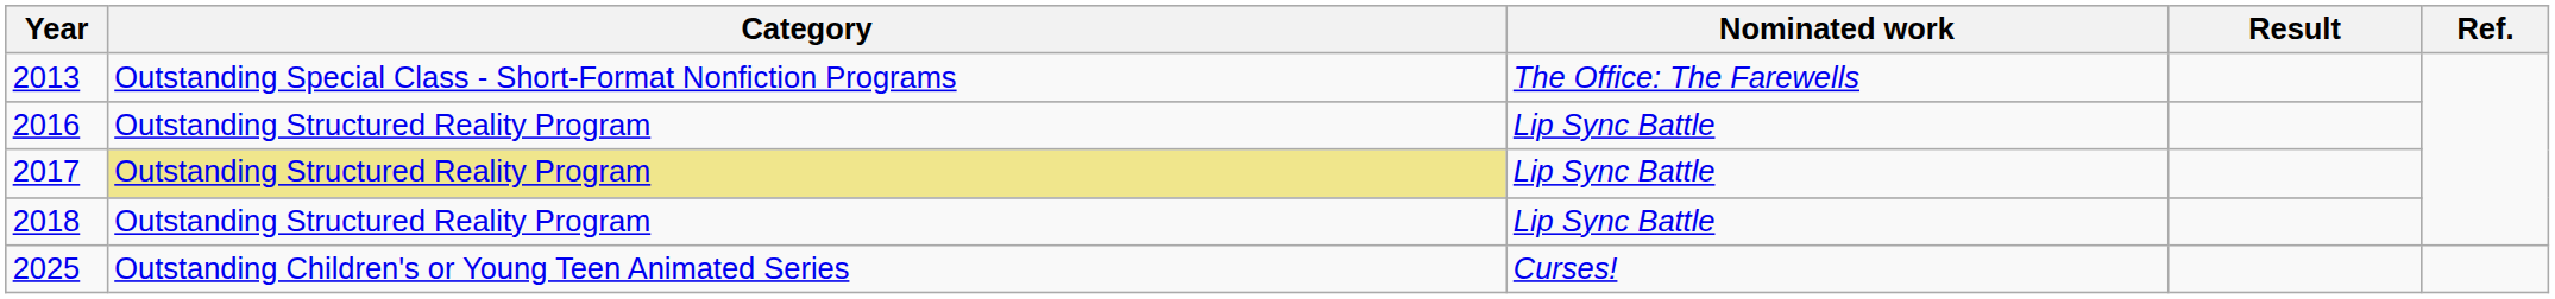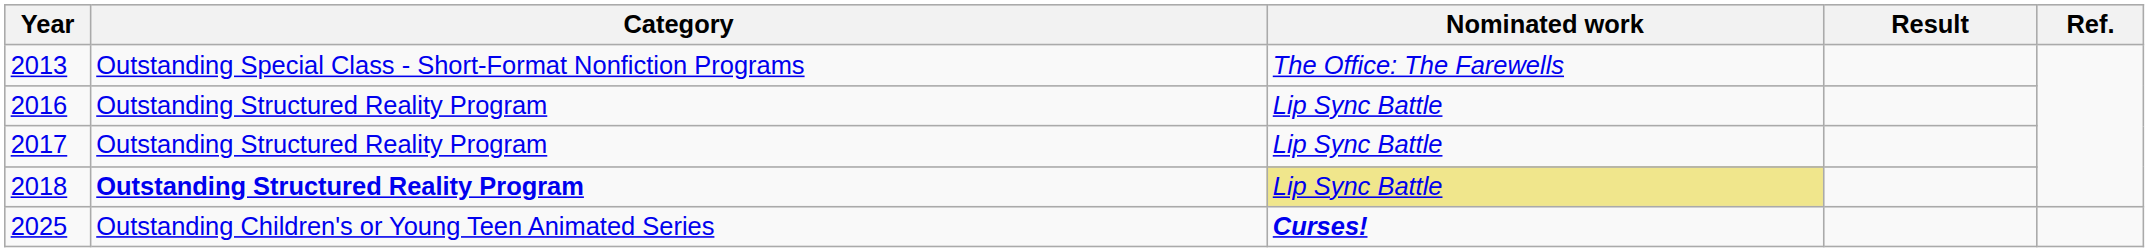 <table class="wikitable" style="width:85%;">
 <tr>
 <th ! style="width:4%;">Year</th>
 <th style="width:55%;">Category</th>
 <th style="width:26%;">Nominated work</th>
 <th style="width:10%;">Result</th>
 <th width=5%>Ref.</th>
 </tr>
 <tr>
 <td><a href='#'>2013</a></td>
 <td><a href='#'>Outstanding Special Class - Short-Format Nonfiction Programs</a></td>
 <td><em><a href='#'>The Office: The Farewells</a></em></td>
 <td></td>
 <td rowspan=4 align="center"></td>
 </tr>
 <tr>
 <td><a href='#'>2016</a></td>
 <td><a href='#'>Outstanding Structured Reality Program</a></td>
 <td><em><a href='#'>Lip Sync Battle</a></em></td>
 <td></td>
 </tr>
 <tr>
 <td><a href='#'>2017</a></td>
-<td style="background: khaki;"><a href='#'>Outstanding Structured Reality Program</a></td>
+<td><a href='#'>Outstanding Structured Reality Program</a></td>
 <td><em><a href='#'>Lip Sync Battle</a></em></td>
 <td></td>
 </tr>
 <tr>
 <td><a href='#'>2018</a></td>
-<td><a href='#'>Outstanding Structured Reality Program</a></td>
-<td><em><a href='#'>Lip Sync Battle</a></em></td>
+<td><strong><a href='#'>Outstanding Structured Reality Program</a></strong></td>
+<td style="background: khaki;"><em><a href='#'>Lip Sync Battle</a></em></td>
 <td></td>
 </tr>
 <tr>
 <td><a href='#'>2025</a></td>
 <td><a href='#'>Outstanding Children's or Young Teen Animated Series</a></td>
-<td><em><a href='#'>Curses!</a></em></td>
+<td><strong><em><a href='#'>Curses!</a></em></strong></td>
 <td></td>
 <td rowspan=2 align="center"></td>
 </tr>
 </table>
